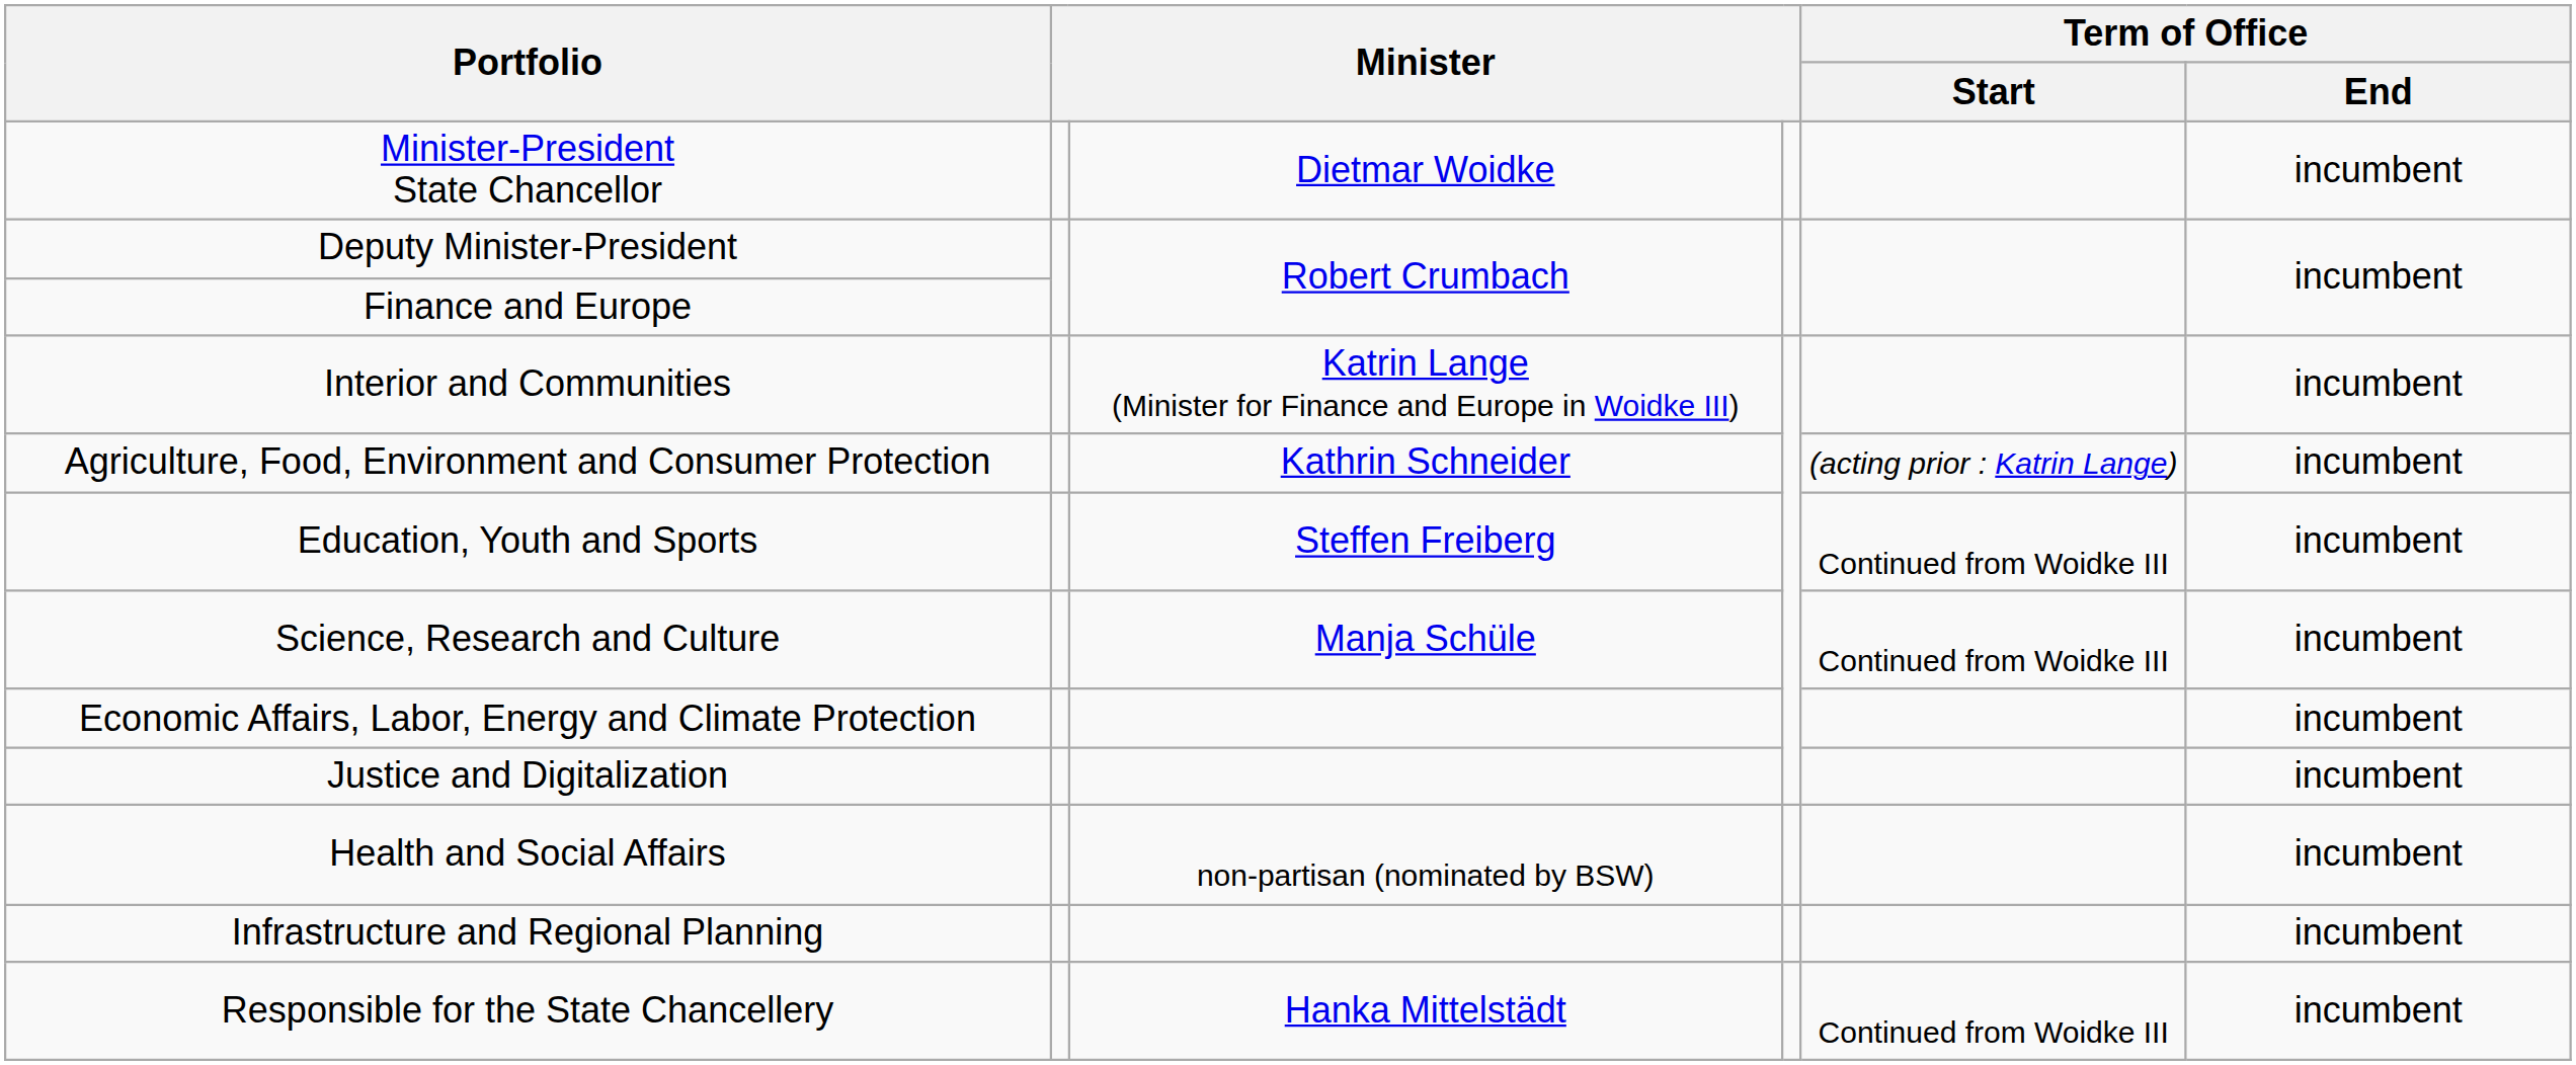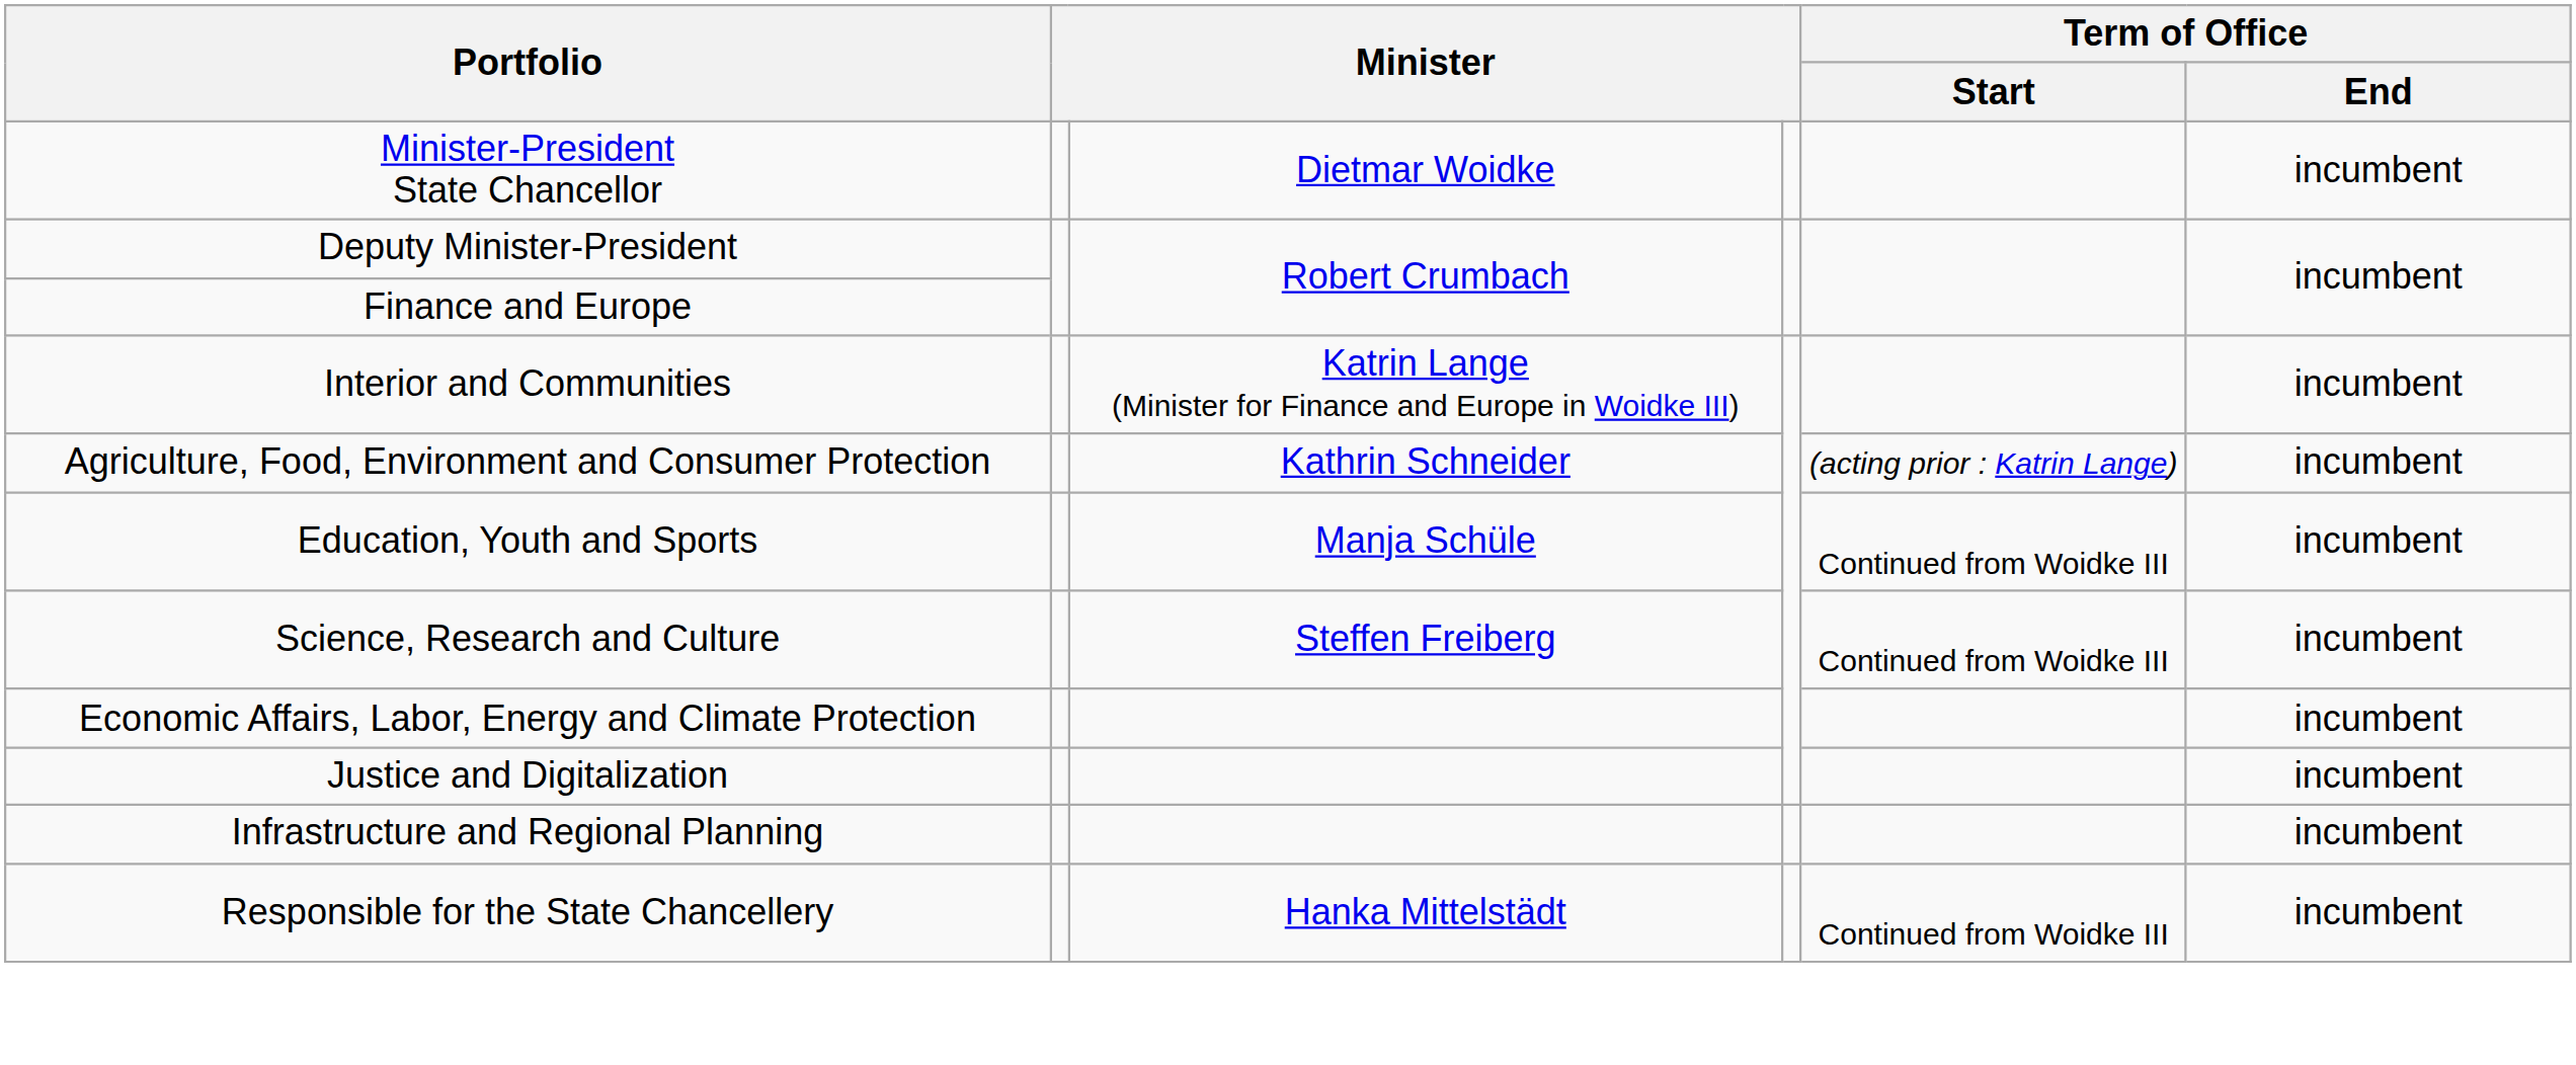 <table class=wikitable style="text-align:center">
 <tr>
 <th rowspan=2>Portfolio</th>
 <th rowspan=2 colspan=3>Minister</th>
 <th colspan=2>Term of Office</th>
 </tr>
 <tr>
 <th style="width:15%">Start</th>
 <th style="width:15%">End</th>
 </tr>
 <tr>
 <td><a href='#'>Minister-President</a><br>State Chancellor</td>
 <td></td>
 <td><a href='#'>Dietmar Woidke</a></td>
 <td bgcolor=></td>
 <td></td>
 <td>incumbent</td>
 </tr>
 <tr>
 <td>Deputy Minister-President</td>
 <td rowspan="2"></td>
 <td rowspan="2"><a href='#'>Robert Crumbach</a></td>
 <td rowspan="2"bgcolor=></td>
 <td rowspan="2"></td>
 <td rowspan="2">incumbent</td>
 </tr>
 <tr>
 <td>Finance and Europe</td>
 </tr>
 <tr>
 <td>Interior and Communities</td>
 <td></td>
 <td><a href='#'>Katrin Lange</a><small><br>(Minister for Finance and Europe in <a href='#'>Woidke III</a>)</small></td>
 <td rowspan="6" bgcolor=></td>
 <td></td>
 <td>incumbent</td>
 </tr>
 <tr>
 <td>Agriculture, Food, Environment and Consumer Protection</td>
 <td></td>
 <td><a href='#'>Kathrin Schneider</a></td>
 <td> <small><em>(acting prior : <a href='#'>Katrin Lange</a>)</em></small></td>
 <td>incumbent</td>
 </tr>
 <tr>
 <td>Education, Youth and Sports</td>
 <td></td>
-<td><a href='#'>Steffen Freiberg</a></td>
+<td><a href='#'>Manja Schüle</a></td>
 <td><br><small>Continued from  Woidke III</small></td>
 <td>incumbent</td>
 </tr>
 <tr>
 <td>Science, Research and Culture</td>
 <td></td>
-<td><a href='#'>Manja Schüle</a></td>
+<td><a href='#'>Steffen Freiberg</a></td>
 <td><br><small>Continued from  Woidke III</small></td>
 <td>incumbent</td>
 </tr>
 <tr>
 <td>Economic Affairs, Labor, Energy and Climate Protection</td>
 <td></td>
 <td></td>
 <td></td>
 <td>incumbent</td>
 </tr>
 <tr>
 <td>Justice and Digitalization</td>
 <td></td>
 <td></td>
-<td></td>
-<td>incumbent</td>
-</tr>
-<tr>
-<td>Health and Social Affairs</td>
-<td></td>
-<td><small><br>non-partisan (nominated by BSW)</small></td>
-<td style="background:"></td>
 <td></td>
 <td>incumbent</td>
 </tr>
 <tr>
 <td>Infrastructure and Regional Planning</td>
 <td></td>
 <td></td>
 <td style="background:"></td>
 <td></td>
 <td>incumbent</td>
 </tr>
 <tr>
 <td>Responsible for the State Chancellery</td>
 <td></td>
 <td><a href='#'>Hanka Mittelstädt</a></td>
 <td style="background: "></td>
 <td><br><small>Continued from  Woidke III</small></td>
 <td>incumbent</td>
 </tr>
 </table>
